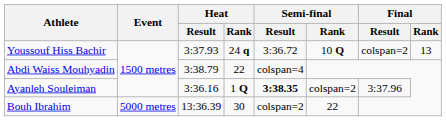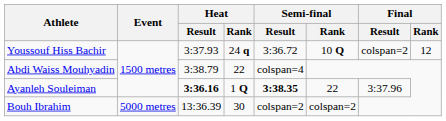 <table class="wikitable" style="font-size:90%">
 <tr>
 <th rowspan="2">Athlete</th>
 <th rowspan="2">Event</th>
 <th colspan="2">Heat</th>
 <th colspan="2">Semi-final</th>
 <th colspan="2">Final</th>
 </tr>
 <tr style="font-size:95%">
 <th>Result</th>
 <th>Rank</th>
 <th>Result</th>
 <th>Rank</th>
 <th>Result</th>
 <th>Rank</th>
 </tr>
 <tr style=text-align:center>
 <td style=text-align:left><a href='#'>Youssouf Hiss Bachir</a></td>
 <td style=text-align:left rowspan=3><a href='#'>1500 metres</a></td>
 <td>3:37.93</td>
 <td>24 <strong>q</strong></td>
 <td>3:36.72 </td>
 <td>10 <strong>Q</strong></td>
 <td>colspan=2 </td>
-<td>13</td>
+<td>12</td>
 </tr>
 <tr style=text-align:center>
 <td style=text-align:left><a href='#'>Abdi Waiss Mouhyadin</a></td>
 <td>3:38.79</td>
 <td>22</td>
 <td>colspan=4 </td>
 </tr>
 <tr style=text-align:center>
 <td style=text-align:left><a href='#'>Ayanleh Souleiman</a></td>
-<td>3:36.16</td>
+<td><strong>3:36.16</strong></td>
 <td>1 <strong>Q</strong></td>
 <td><strong>3:38.35</strong></td>
-<td>colspan=2</td>
+<td>22</td>
 <td>3:37.96</td>
 </tr>
 <tr style=text-align:center>
 <td style=text-align:left><a href='#'>Bouh Ibrahim</a></td>
 <td style=text-align:left><a href='#'>5000 metres</a></td>
 <td>13:36.39</td>
 <td>30</td>
 <td>colspan=2</td>
-<td>22</td>
+<td>colspan=2</td>
 </tr>
 </table>
